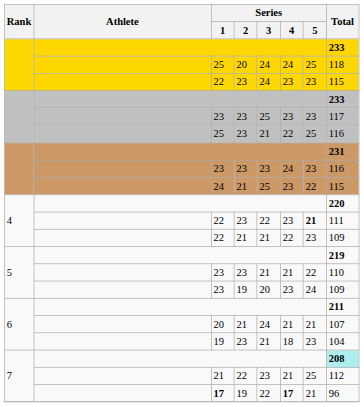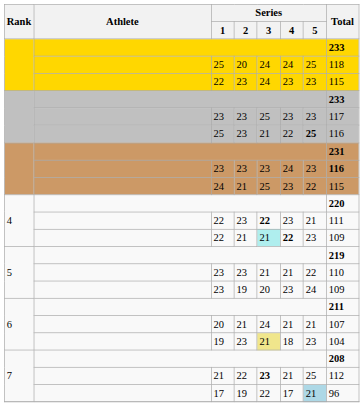 <table class="wikitable" style="font-size:95%" style="width:35em;" style="text-align:center">
 <tr>
 <th rowspan=2>Rank</th>
 <th rowspan=2 width=250>Athlete</th>
 <th colspan=5 width=160>Series</th>
 <th rowspan=2 width=40>Total</th>
 </tr>
 <tr>
 <th>1</th>
 <th>2</th>
 <th>3</th>
 <th>4</th>
 <th>5</th>
 </tr>
 <tr bgcolor=gold>
 <td rowspan=3></td>
 <td colspan=6 align=left></td>
 <td><strong>233</strong></td>
 </tr>
 <tr bgcolor=gold>
 <td align=left></td>
 <td>25</td>
 <td>20</td>
 <td>24</td>
 <td>24</td>
 <td>25</td>
 <td>118</td>
 </tr>
 <tr bgcolor=gold>
 <td align=left></td>
 <td>22</td>
 <td>23</td>
 <td>24</td>
 <td>23</td>
 <td>23</td>
 <td>115</td>
 </tr>
 <tr bgcolor=silver>
 <td rowspan=3></td>
 <td colspan=6 align=left></td>
 <td><strong>233</strong></td>
 </tr>
 <tr bgcolor=silver>
 <td align=left></td>
 <td>23</td>
 <td>23</td>
 <td>25</td>
 <td>23</td>
 <td>23</td>
 <td>117</td>
 </tr>
 <tr bgcolor=silver>
 <td align=left></td>
 <td>25</td>
 <td>23</td>
 <td>21</td>
 <td>22</td>
-<td>25</td>
+<td><strong>25</strong></td>
 <td>116</td>
 </tr>
 <tr bgcolor=cc9966>
 <td rowspan=3></td>
 <td colspan=6 align=left></td>
 <td><strong>231</strong></td>
 </tr>
 <tr bgcolor=cc9966>
 <td align=left></td>
 <td>23</td>
 <td>23</td>
 <td>23</td>
 <td>24</td>
 <td>23</td>
-<td>116</td>
+<td><strong>116</strong></td>
 </tr>
 <tr bgcolor=cc9966>
 <td align=left></td>
 <td>24</td>
 <td>21</td>
 <td>25</td>
 <td>23</td>
 <td>22</td>
 <td>115</td>
 </tr>
 <tr>
 <td rowspan=3>4</td>
 <td colspan=6 align=left></td>
 <td><strong>220</strong></td>
 </tr>
 <tr>
 <td align=left></td>
 <td>22</td>
 <td>23</td>
-<td>22</td>
+<td><strong>22</strong></td>
 <td>23</td>
-<td><strong>21</strong></td>
+<td>21</td>
 <td>111</td>
 </tr>
 <tr>
 <td align=left></td>
 <td>22</td>
 <td>21</td>
-<td>21</td>
-<td>22</td>
+<td style="background: paleturquoise;">21</td>
+<td><strong>22</strong></td>
 <td>23</td>
 <td>109</td>
 </tr>
 <tr>
 <td rowspan=3>5</td>
 <td colspan=6 align=left></td>
 <td><strong>219</strong></td>
 </tr>
 <tr>
 <td align=left></td>
 <td>23</td>
 <td>23</td>
 <td>21</td>
 <td>21</td>
 <td>22</td>
 <td>110</td>
 </tr>
 <tr>
 <td align=left></td>
 <td>23</td>
 <td>19</td>
 <td>20</td>
 <td>23</td>
 <td>24</td>
 <td>109</td>
 </tr>
 <tr>
 <td rowspan=3>6</td>
 <td colspan=6 align=left></td>
 <td><strong>211</strong></td>
 </tr>
 <tr>
 <td align=left></td>
 <td>20</td>
 <td>21</td>
 <td>24</td>
 <td>21</td>
 <td>21</td>
 <td>107</td>
 </tr>
 <tr>
 <td align=left></td>
 <td>19</td>
 <td>23</td>
-<td>21</td>
+<td style="background: khaki;">21</td>
 <td>18</td>
 <td>23</td>
 <td>104</td>
 </tr>
 <tr>
 <td rowspan=3>7</td>
 <td colspan=6 align=left></td>
-<td style="background: paleturquoise;"><strong>208</strong></td>
+<td><strong>208</strong></td>
 </tr>
 <tr>
 <td align=left></td>
 <td>21</td>
 <td>22</td>
-<td>23</td>
+<td><strong>23</strong></td>
 <td>21</td>
 <td>25</td>
 <td>112</td>
 </tr>
 <tr>
 <td align=left></td>
-<td><strong>17</strong></td>
+<td>17</td>
 <td>19</td>
 <td>22</td>
-<td><strong>17</strong></td>
-<td>21</td>
+<td>17</td>
+<td style="background: lightblue;">21</td>
 <td>96</td>
 </tr>
 <tr>
 </tr>
 </table>
